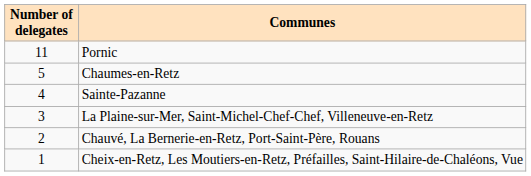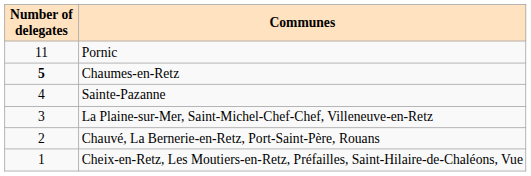 <table class="wikitable" align="center" style="margin-left: auto; margin-right: auto;">
 <tr>
 <th width="80px" style="background:#ffe2bf">Number of delegates</th>
 <th style="background:#ffe2bf">Communes</th>
 </tr>
 <tr>
 <td align="center">11</td>
 <td>Pornic</td>
 </tr>
 <tr>
-<td align="center">5</td>
+<td align="center"><strong>5</strong></td>
 <td>Chaumes-en-Retz</td>
 </tr>
 <tr>
 <td align="center">4</td>
 <td>Sainte-Pazanne</td>
 </tr>
 <tr>
 <td align="center">3</td>
 <td>La Plaine-sur-Mer, Saint-Michel-Chef-Chef, Villeneuve-en-Retz</td>
 </tr>
 <tr>
 <td align="center">2</td>
 <td>Chauvé, La Bernerie-en-Retz, Port-Saint-Père, Rouans</td>
 </tr>
 <tr>
 <td align="center">1</td>
 <td>Cheix-en-Retz, Les Moutiers-en-Retz, Préfailles, Saint-Hilaire-de-Chaléons, Vue</td>
 </tr>
 </table>
